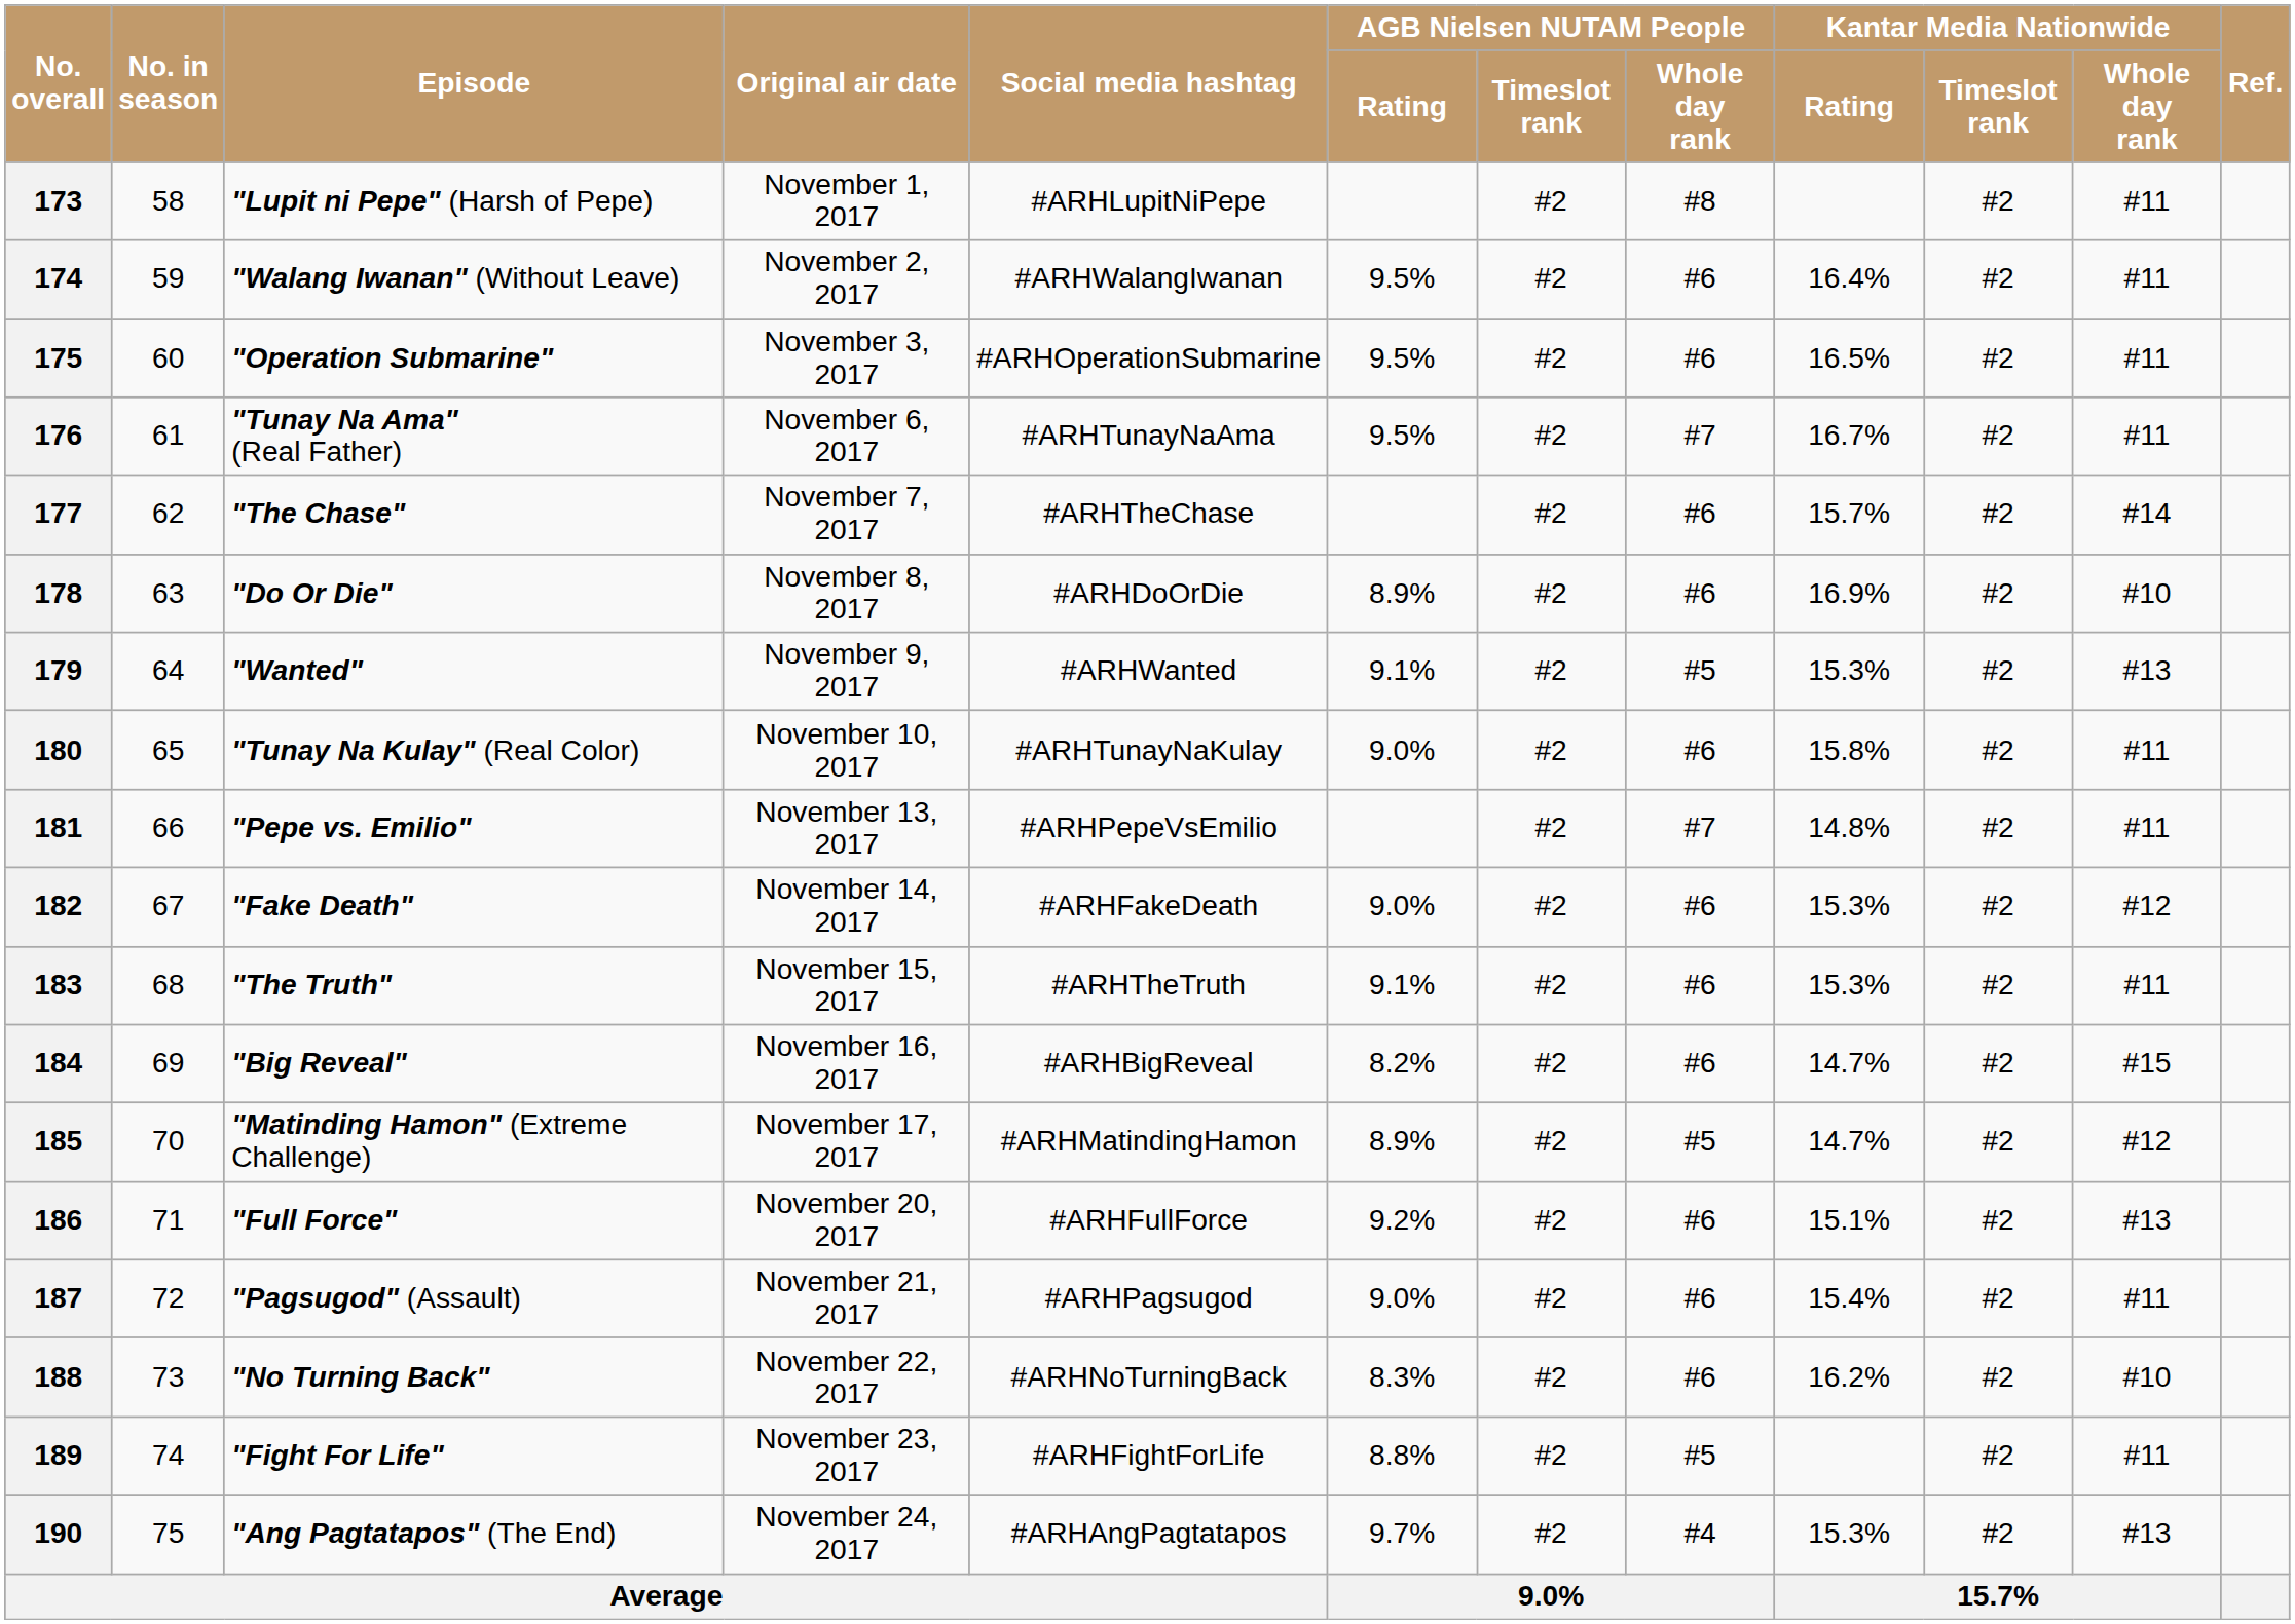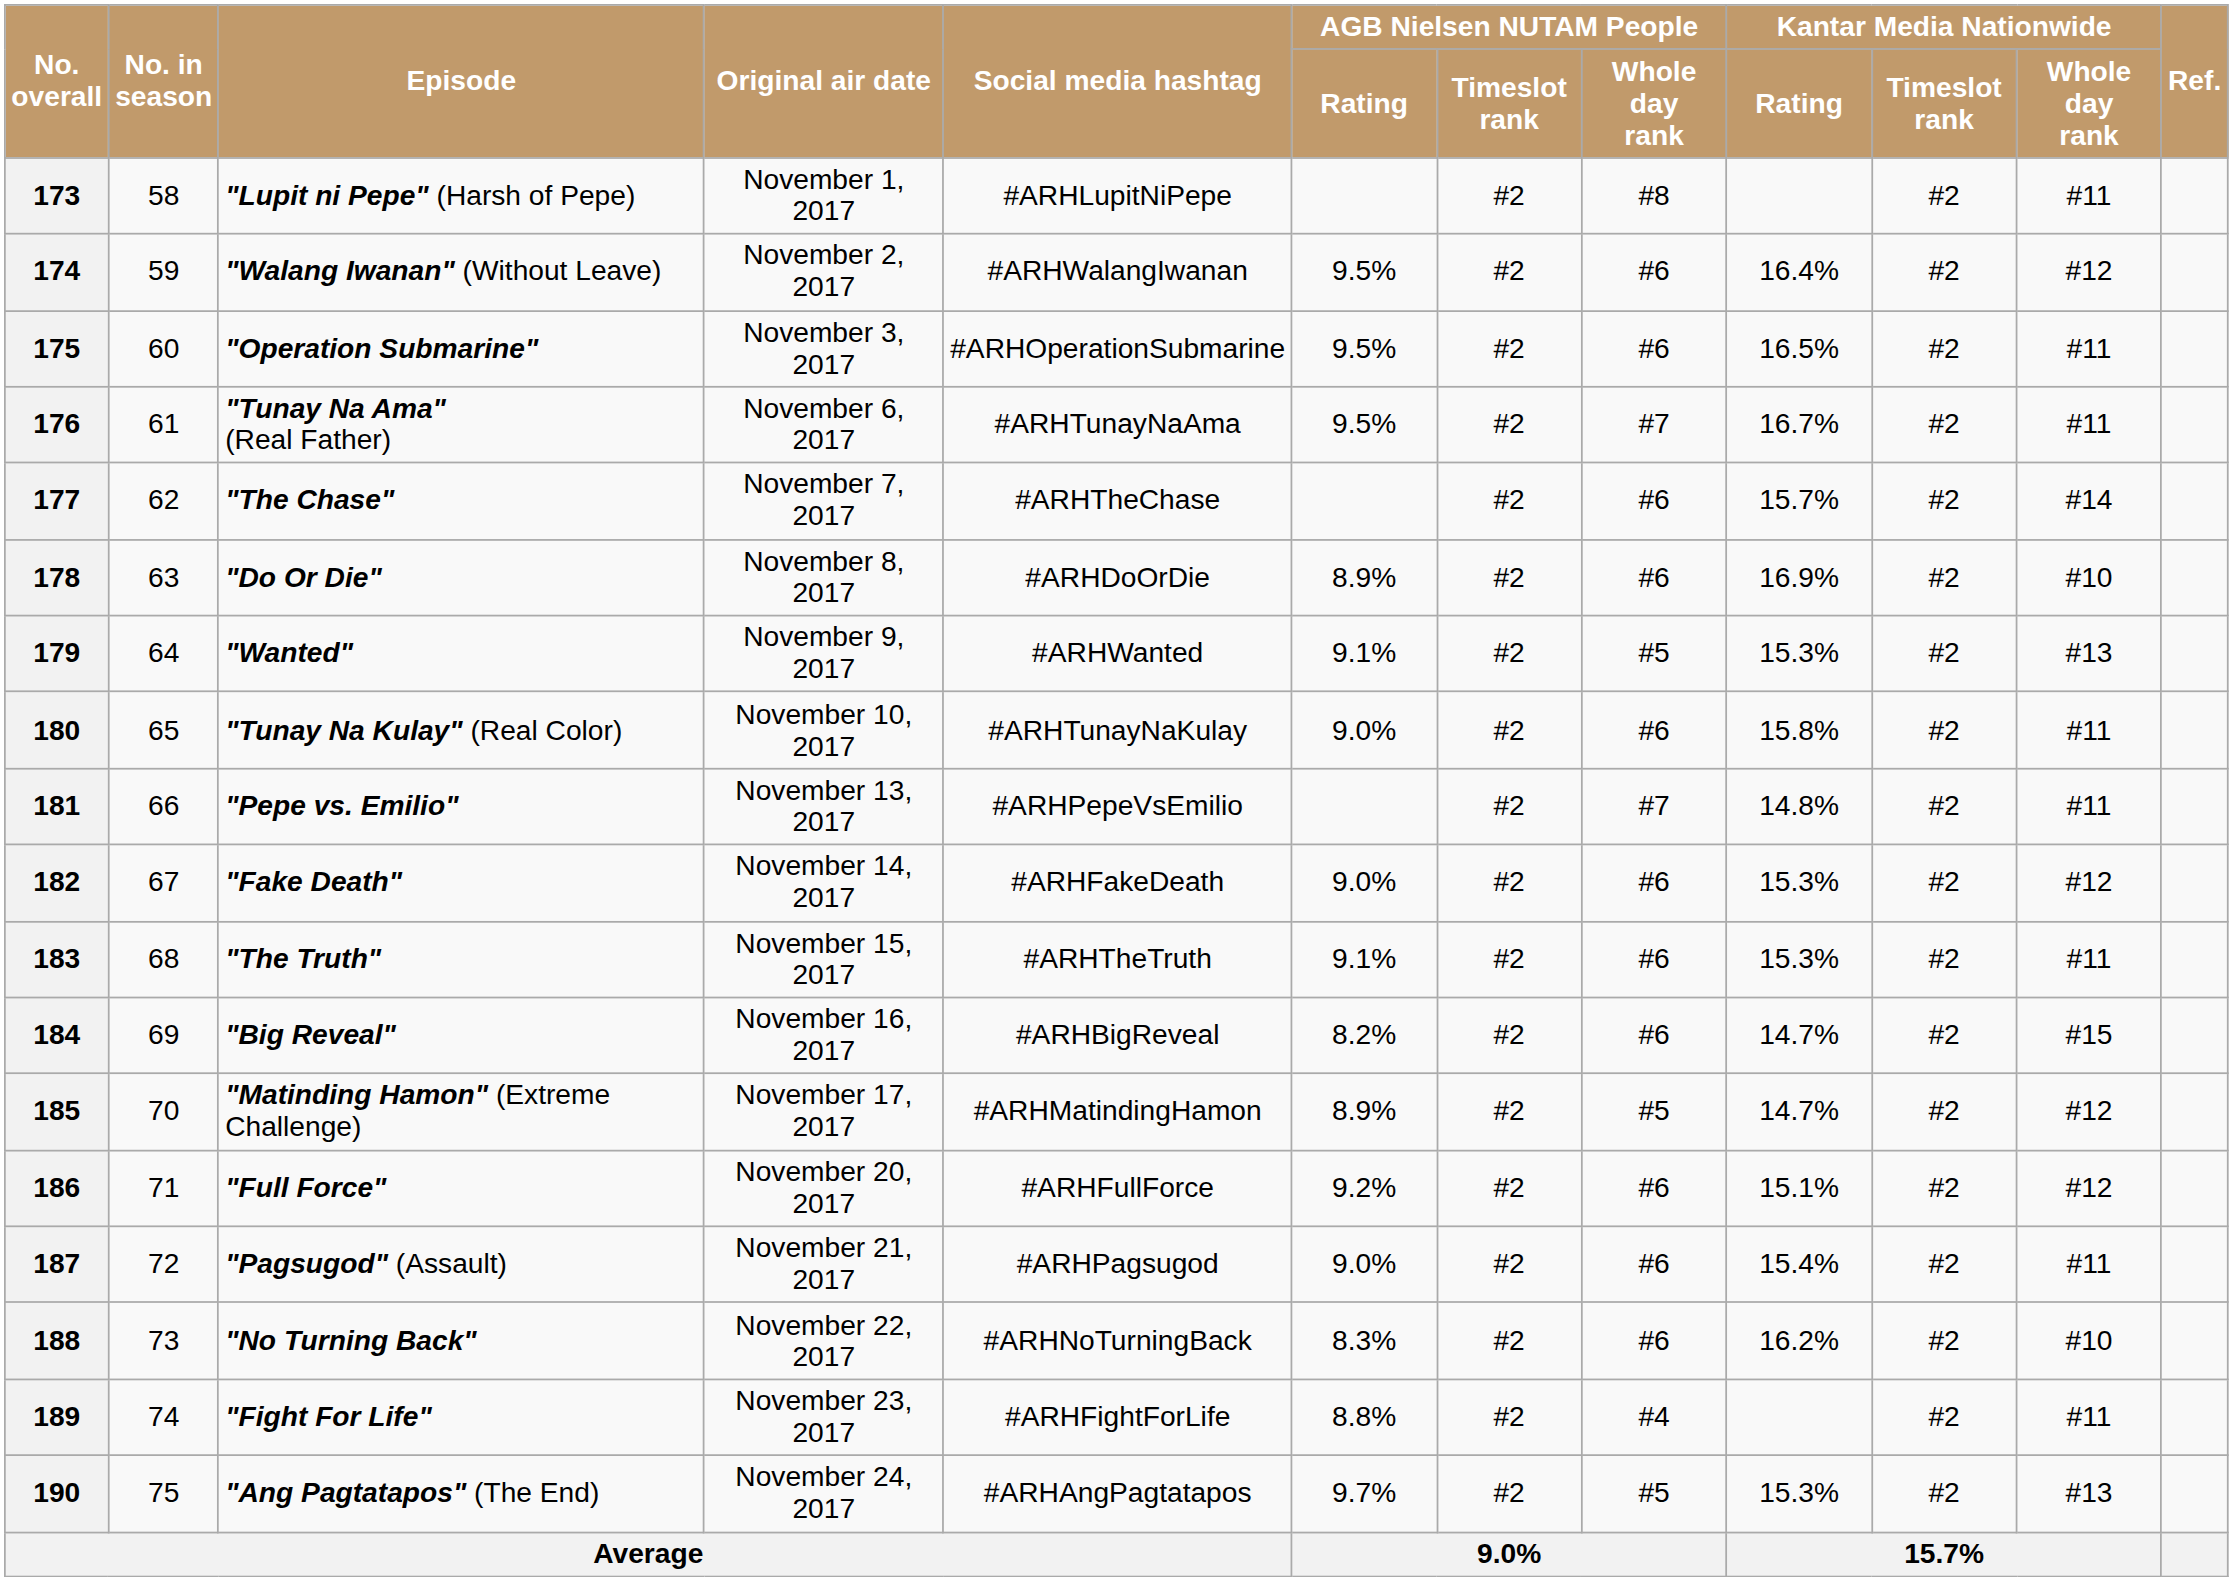 <table class="wikitable" style="text-align:center; font-size:100%; line-height:18px;"  width="100%">
 <tr>
 <th style="background-color:#C19A6B; color:#ffffff;" rowspan="2">No.<br>overall</th>
 <th style="background-color:#C19A6B; color:#ffffff;" rowspan="2">No. in<br>season</th>
 <th style="background-color:#C19A6B; color:#ffffff;" rowspan="2">Episode</th>
 <th style="background:#C19A6B; color:white" rowspan="2">Original air date</th>
 <th style="background:#C19A6B; color:white" rowspan="2">Social media hashtag</th>
 <th style="background-color:#C19A6B; color:#ffffff;" colspan="3">AGB Nielsen NUTAM People</th>
 <th style="background-color:#C19A6B; color:#ffffff;" colspan="3">Kantar Media Nationwide</th>
 <th style="background-color:#C19A6B; color:#ffffff;" rowspan="2">Ref.</th>
 </tr>
 <tr>
 <th style="background-color:#C19A6B; width:75px; color:#ffffff;">Rating</th>
 <th style="background-color:#C19A6B; width:75px; color:#ffffff;">Timeslot<br>rank</th>
 <th style="background-color:#C19A6B; width:75px; color:#ffffff;">Whole day<br>rank</th>
 <th style="background-color:#C19A6B; width:75px; color:#ffffff;">Rating</th>
 <th style="background-color:#C19A6B; width:75px; color:#ffffff;">Timeslot<br>rank</th>
 <th style="background-color:#C19A6B; width:75px; color:#ffffff;">Whole day<br>rank</th>
 </tr>
 <tr>
 <th>173</th>
 <td>58</td>
 <td style="text-align: left;"><strong><em>"Lupit ni Pepe"</em></strong> (Harsh of Pepe)</td>
 <td>November 1, 2017</td>
 <td>#ARHLupitNiPepe</td>
 <td></td>
 <td>#2</td>
 <td>#8</td>
 <td></td>
 <td>#2</td>
 <td>#11</td>
 <td></td>
 </tr>
 <tr>
 <th>174</th>
 <td>59</td>
 <td style="text-align: left;"><strong><em>"Walang Iwanan"</em></strong> (Without Leave)</td>
 <td>November 2, 2017</td>
 <td>#ARHWalangIwanan</td>
 <td>9.5%</td>
 <td>#2</td>
 <td>#6</td>
 <td>16.4%</td>
 <td>#2</td>
-<td>#11</td>
+<td>#12</td>
 <td></td>
 </tr>
 <tr>
 <th>175</th>
 <td>60</td>
 <td style="text-align: left;"><strong><em>"Operation Submarine"</em></strong></td>
 <td>November 3, 2017</td>
 <td>#ARHOperationSubmarine</td>
 <td>9.5%</td>
 <td>#2</td>
 <td>#6</td>
 <td>16.5%</td>
 <td>#2</td>
 <td>#11</td>
 <td></td>
 </tr>
 <tr>
 <th>176</th>
 <td>61</td>
 <td style="text-align: left;"><strong><em>"Tunay Na Ama"</em></strong><br>(Real Father)</td>
 <td>November 6, 2017</td>
 <td>#ARHTunayNaAma</td>
 <td>9.5%</td>
 <td>#2</td>
 <td>#7</td>
 <td>16.7%</td>
 <td>#2</td>
 <td>#11</td>
 <td></td>
 </tr>
 <tr>
 <th>177</th>
 <td>62</td>
 <td style="text-align: left;"><strong><em>"The Chase"</em></strong></td>
 <td>November 7, 2017</td>
 <td>#ARHTheChase</td>
 <td></td>
 <td>#2</td>
 <td>#6</td>
 <td>15.7%</td>
 <td>#2</td>
 <td>#14</td>
 <td></td>
 </tr>
 <tr>
 <th>178</th>
 <td>63</td>
 <td style="text-align: left;"><strong><em>"Do Or Die"</em></strong></td>
 <td>November 8, 2017</td>
 <td>#ARHDoOrDie</td>
 <td>8.9%</td>
 <td>#2</td>
 <td>#6</td>
 <td>16.9%</td>
 <td>#2</td>
 <td>#10</td>
 <td></td>
 </tr>
 <tr>
 <th>179</th>
 <td>64</td>
 <td style="text-align: left;"><strong><em>"Wanted"</em></strong></td>
 <td>November 9, 2017</td>
 <td>#ARHWanted</td>
 <td>9.1%</td>
 <td>#2</td>
 <td>#5</td>
 <td>15.3%</td>
 <td>#2</td>
 <td>#13</td>
 <td></td>
 </tr>
 <tr>
 <th>180</th>
 <td>65</td>
 <td style="text-align: left;"><strong><em>"Tunay Na Kulay"</em></strong> (Real Color)</td>
 <td>November 10, 2017</td>
 <td>#ARHTunayNaKulay</td>
 <td>9.0%</td>
 <td>#2</td>
 <td>#6</td>
 <td>15.8%</td>
 <td>#2</td>
 <td>#11</td>
 <td></td>
 </tr>
 <tr>
 <th>181</th>
 <td>66</td>
 <td style="text-align: left;"><strong><em>"Pepe vs. Emilio"</em></strong></td>
 <td>November 13, 2017</td>
 <td>#ARHPepeVsEmilio</td>
 <td></td>
 <td>#2</td>
 <td>#7</td>
 <td>14.8%</td>
 <td>#2</td>
 <td>#11</td>
 <td></td>
 </tr>
 <tr>
 <th>182</th>
 <td>67</td>
 <td style="text-align: left;"><strong><em>"Fake Death"</em></strong></td>
 <td>November 14, 2017</td>
 <td>#ARHFakeDeath</td>
 <td>9.0%</td>
 <td>#2</td>
 <td>#6</td>
 <td>15.3%</td>
 <td>#2</td>
 <td>#12</td>
 <td></td>
 </tr>
 <tr>
 <th>183</th>
 <td>68</td>
 <td style="text-align: left;"><strong><em>"The Truth"</em></strong></td>
 <td>November 15, 2017</td>
 <td>#ARHTheTruth</td>
 <td>9.1%</td>
 <td>#2</td>
 <td>#6</td>
 <td>15.3%</td>
 <td>#2</td>
 <td>#11</td>
 <td></td>
 </tr>
 <tr>
 <th>184</th>
 <td>69</td>
 <td style="text-align: left;"><strong><em>"Big Reveal"</em></strong></td>
 <td>November 16, 2017</td>
 <td>#ARHBigReveal</td>
 <td>8.2%</td>
 <td>#2</td>
 <td>#6</td>
 <td>14.7%</td>
 <td>#2</td>
 <td>#15</td>
 <td></td>
 </tr>
 <tr>
 <th>185</th>
 <td>70</td>
 <td style="text-align: left;"><strong><em>"Matinding Hamon"</em></strong> (Extreme Challenge)</td>
 <td>November 17, 2017</td>
 <td>#ARHMatindingHamon</td>
 <td>8.9%</td>
 <td>#2</td>
 <td>#5</td>
 <td>14.7%</td>
 <td>#2</td>
 <td>#12</td>
 <td></td>
 </tr>
 <tr>
 <th>186</th>
 <td>71</td>
 <td style="text-align: left;"><strong><em>"Full Force"</em></strong></td>
 <td>November 20, 2017</td>
 <td>#ARHFullForce</td>
 <td>9.2%</td>
 <td>#2</td>
 <td>#6</td>
 <td>15.1%</td>
 <td>#2</td>
-<td>#13</td>
+<td>#12</td>
 <td></td>
 </tr>
 <tr>
 <th>187</th>
 <td>72</td>
 <td style="text-align: left;"><strong><em>"Pagsugod"</em></strong> (Assault)</td>
 <td>November 21, 2017</td>
 <td>#ARHPagsugod</td>
 <td>9.0%</td>
 <td>#2</td>
 <td>#6</td>
 <td>15.4%</td>
 <td>#2</td>
 <td>#11</td>
 <td></td>
 </tr>
 <tr>
 <th>188</th>
 <td>73</td>
 <td style="text-align: left;"><strong><em>"No Turning Back"</em></strong></td>
 <td>November 22, 2017</td>
 <td>#ARHNoTurningBack</td>
 <td>8.3%</td>
 <td>#2</td>
 <td>#6</td>
 <td>16.2%</td>
 <td>#2</td>
 <td>#10</td>
 <td></td>
 </tr>
 <tr>
 <th>189</th>
 <td>74</td>
 <td style="text-align: left;"><strong><em>"Fight For Life"</em></strong></td>
 <td>November 23, 2017</td>
 <td>#ARHFightForLife</td>
 <td>8.8%</td>
 <td>#2</td>
-<td>#5</td>
+<td>#4</td>
 <td></td>
 <td>#2</td>
 <td>#11</td>
 <td></td>
 </tr>
 <tr>
 <th>190</th>
 <td>75</td>
 <td style="text-align: left;"><strong><em>"Ang Pagtatapos"</em></strong> (The End)</td>
 <td>November 24, 2017</td>
 <td>#ARHAngPagtatapos</td>
 <td>9.7%</td>
 <td>#2</td>
-<td>#4</td>
+<td>#5</td>
 <td>15.3%</td>
 <td>#2</td>
 <td>#13</td>
 <td></td>
 </tr>
 <tr>
 <th colspan="5">Average</th>
 <th colspan="3">9.0%</th>
 <th colspan="3">15.7%</th>
 <th></th>
 </tr>
 </table>
